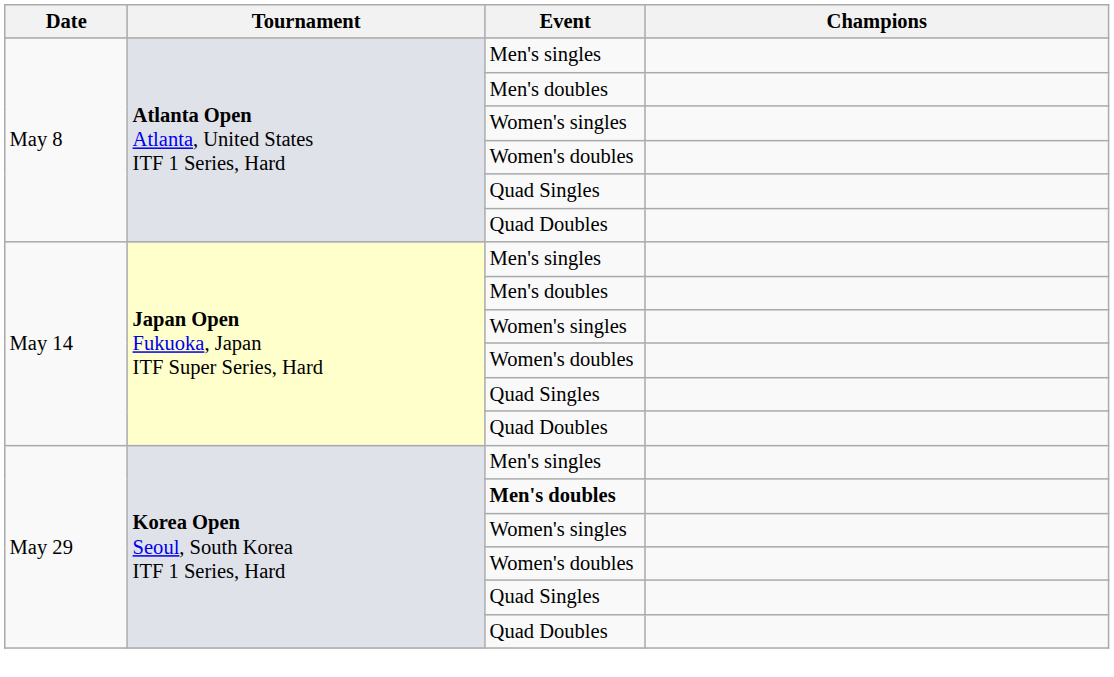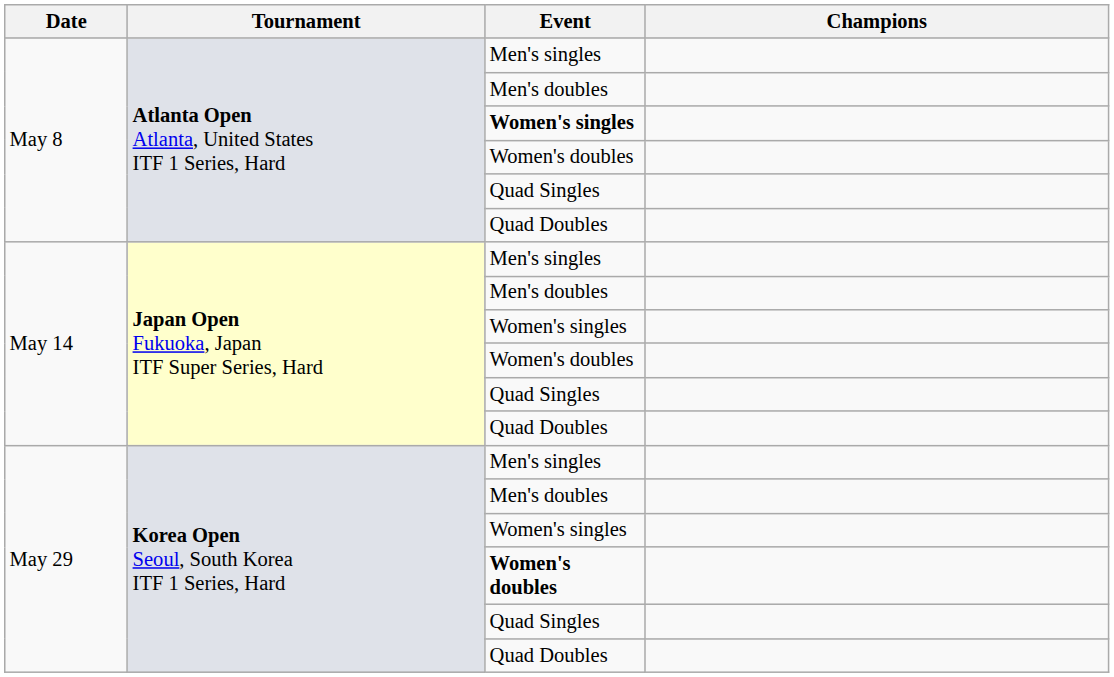 <table class=wikitable style=font-size:85%>
 <tr>
 <th width=75>Date</th>
 <th width=230>Tournament</th>
 <th width=100>Event</th>
 <th width=300>Champions</th>
 </tr>
 <tr>
 <td rowspan=6>May 8</td>
 <td bgcolor=#dfe2e9 rowspan=6><strong>Atlanta Open</strong><br> <a href='#'>Atlanta</a>, United States<br>ITF 1 Series, Hard</td>
 <td>Men's singles</td>
 <td></td>
 </tr>
 <tr>
 <td>Men's doubles</td>
 <td><br></td>
 </tr>
 <tr>
-<td>Women's singles</td>
+<td><strong>Women's singles</strong></td>
 <td></td>
 </tr>
 <tr>
 <td>Women's doubles</td>
 <td><br></td>
 </tr>
 <tr>
 <td>Quad Singles</td>
 <td></td>
 </tr>
 <tr>
 <td>Quad Doubles</td>
 <td><br></td>
 </tr>
 <tr>
 <td rowspan=6>May 14</td>
 <td bgcolor=#ffffcc rowspan=6><strong>Japan Open</strong><br> <a href='#'>Fukuoka</a>, Japan<br>ITF Super Series, Hard</td>
 <td>Men's singles</td>
 <td></td>
 </tr>
 <tr>
 <td>Men's doubles</td>
 <td><br></td>
 </tr>
 <tr>
 <td>Women's singles</td>
 <td></td>
 </tr>
 <tr>
 <td>Women's doubles</td>
 <td><br></td>
 </tr>
 <tr>
 <td>Quad Singles</td>
 <td></td>
 </tr>
 <tr>
 <td>Quad Doubles</td>
 <td><br></td>
 </tr>
 <tr>
 <td rowspan=6>May 29</td>
 <td bgcolor=#dfe2e9 rowspan=6><strong>Korea Open</strong><br> <a href='#'>Seoul</a>, South Korea<br>ITF 1 Series, Hard</td>
 <td>Men's singles</td>
 <td></td>
 </tr>
 <tr>
-<td><strong>Men's doubles</strong></td>
+<td>Men's doubles</td>
 <td><br></td>
 </tr>
 <tr>
 <td>Women's singles</td>
 <td></td>
 </tr>
 <tr>
-<td>Women's doubles</td>
+<td><strong>Women's doubles</strong></td>
 <td><br></td>
 </tr>
 <tr>
 <td>Quad Singles</td>
 <td></td>
 </tr>
 <tr>
 <td>Quad Doubles</td>
 <td><br></td>
 </tr>
 </table>
